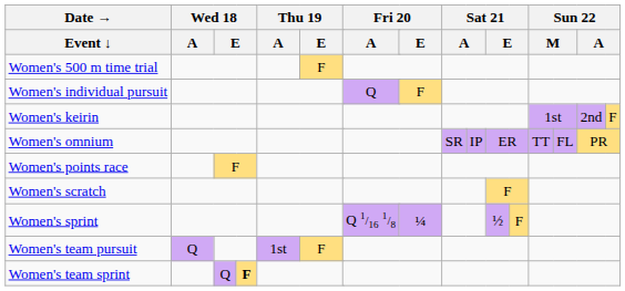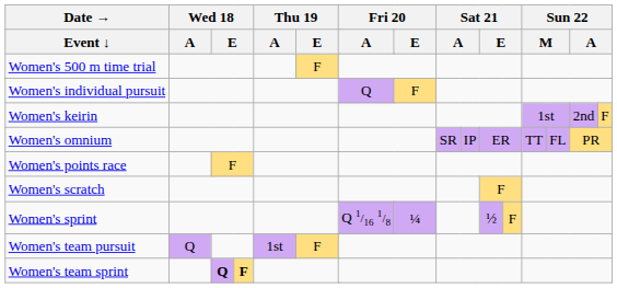 <table class="wikitable" style="margin:0.5em auto; font-size:95%; line-height:1.25em;">
 <tr style="text-align:center;">
 <th>Date →</th>
 <th colspan="3">Wed 18</th>
 <th colspan="3">Thu 19</th>
 <th colspan="3">Fri 20</th>
 <th colspan="4">Sat 21</th>
 <th colspan="4">Sun 22</th>
 </tr>
 <tr>
 <th>Event   ↓</th>
 <th style="width:2.5em;">A</th>
 <th style="width:2.5em;" colspan="2">E</th>
 <th style="width:2.5em;">A</th>
 <th style="width:2.5em;" colspan="2">E</th>
 <th colspan="2">A</th>
 <th style="width:2.5em;">E</th>
 <th style="width:2.5em;" colspan="2">A</th>
 <th style="width:2.5em;" colspan="2">E</th>
 <th style="width:2.5em;" colspan="2">M</th>
 <th style="width:2.5em;" colspan="2">A</th>
 </tr>
 <tr style="text-align:center;">
 <td style="text-align:left;"><a href='#'>Women's 500 m time trial</a></td>
 <td colspan="3"></td>
 <td></td>
 <td colspan="2" style="background-color:#FFDF80;">F</td>
 <td colspan="3"></td>
 <td colspan="4"></td>
 <td colspan="4"></td>
 </tr>
 <tr style="text-align:center;">
 <td style="text-align:left;"><a href='#'>Women's individual pursuit</a></td>
 <td colspan="3"></td>
 <td colspan="3"></td>
 <td colspan="2" bgcolor="#D0A9F5">Q</td>
 <td style="background-color:#FFDF80;">F</td>
 <td colspan="4"></td>
 <td colspan="4"></td>
 </tr>
 <tr style="text-align:center;">
 <td style="text-align:left;"><a href='#'>Women's keirin</a></td>
 <td colspan="3"></td>
 <td colspan="3"></td>
 <td colspan="3"></td>
 <td colspan="4"></td>
 <td colspan="2" style="background-color:#D0A9F5;">1st</td>
 <td style="background-color:#D0A9F5;">2nd</td>
 <td style="background-color:#FFDF80;">F</td>
 </tr>
 <tr style="text-align:center;">
 <td style="text-align:left;"><a href='#'>Women's omnium</a></td>
 <td colspan="3"></td>
 <td colspan="3"></td>
 <td colspan="3"></td>
 <td bgcolor="#D0A9F5">SR</td>
 <td bgcolor="#D0A9F5">IP</td>
 <td colspan="2" bgcolor="#D0A9F5">ER</td>
 <td bgcolor="#D0A9F5">TT</td>
 <td bgcolor="#D0A9F5">FL</td>
 <td colspan="2" style="background-color:#FFDF80;">PR</td>
 </tr>
 <tr style="text-align:center;">
 <td style="text-align:left;"><a href='#'>Women's points race</a></td>
 <td></td>
 <td colspan="2" style="background-color:#FFDF80;">F</td>
 <td colspan="3"></td>
 <td colspan="3"></td>
 <td colspan="4"></td>
 <td colspan="4"></td>
 </tr>
 <tr style="text-align:center;">
 <td style="text-align:left;"><a href='#'>Women's scratch</a></td>
 <td colspan="3"></td>
 <td colspan="3"></td>
 <td colspan="3"></td>
 <td colspan="2"></td>
 <td colspan="2" style="background-color:#FFDF80;">F</td>
 <td colspan="4"></td>
 </tr>
 <tr style="text-align:center;">
 <td style="text-align:left;"><a href='#'>Women's sprint</a></td>
 <td colspan="3"></td>
 <td colspan="3"></td>
 <td colspan="2" bgcolor="#D0A9F5">Q <small><sup>1</sup>/<sub>16</sub></small> <small><sup>1</sup>/<sub>8</sub></small></td>
 <td bgcolor="#D0A9F5">¼</td>
 <td colspan="2"></td>
 <td style="background-color:#D0A9F5;">½</td>
 <td style="background-color:#FFDF80;">F</td>
 <td colspan="4"></td>
 </tr>
 <tr style="text-align:center;">
 <td style="text-align:left;"><a href='#'>Women's team pursuit</a></td>
 <td bgcolor="#D0A9F5">Q</td>
 <td colspan="2"></td>
 <td bgcolor="#D0A9F5">1st</td>
 <td colspan="2" style="background-color:#FFDF80;">F</td>
 <td colspan="3"></td>
 <td colspan="4"></td>
 <td colspan="4"></td>
 </tr>
 <tr style="text-align:center;">
 <td style="text-align:left;"><a href='#'>Women's team sprint</a></td>
 <td></td>
-<td bgcolor="#D0A9F5">Q</td>
+<td bgcolor="#D0A9F5"><strong>Q</strong></td>
 <td style="background-color:#FFDF80;"><strong>F</strong></td>
 <td colspan="3"></td>
 <td colspan="3"></td>
 <td colspan="4"></td>
 <td colspan="4"></td>
 </tr>
 </table>
